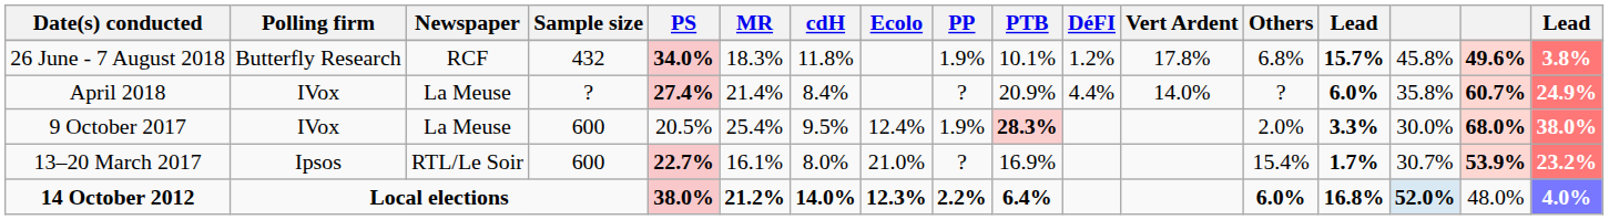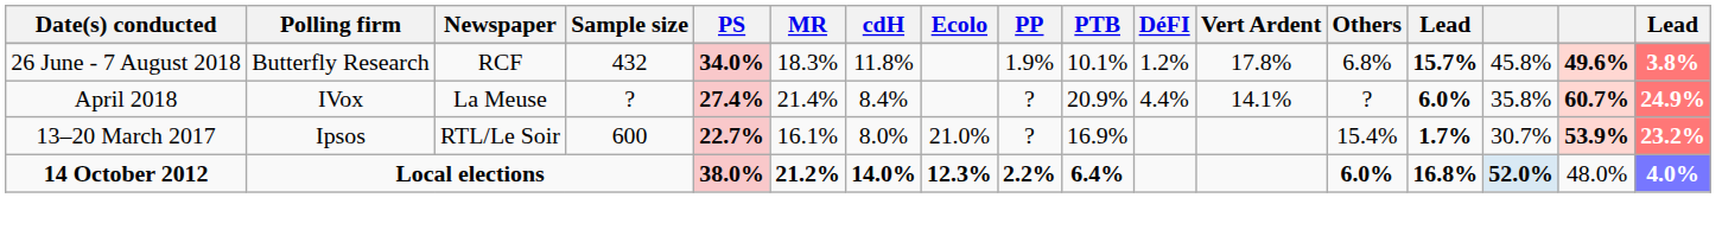 <table class="wikitable sortable" style="text-align:center; font-size:90%; line-height:16px;">
 <tr style="background-color:#E9E9E9">
 <th rowspan="1">Date(s) conducted</th>
 <th rowspan="1">Polling firm</th>
 <th rowspan="1">Newspaper</th>
 <th rowspan="1">Sample size</th>
 <th><a href='#'><span>PS</span></a></th>
 <th><a href='#'><span>MR</span></a></th>
 <th><a href='#'><span>cdH</span></a></th>
 <th><a href='#'><span>Ecolo</span></a></th>
 <th><a href='#'><span>PP</span></a></th>
 <th><a href='#'><span>PTB</span></a></th>
 <th><a href='#'><span>DéFI</span></a></th>
 <th rowspan="1">Vert Ardent</th>
 <th rowspan="1">Others</th>
 <th rowspan="1">Lead</th>
 <th></th>
 <th></th>
 <th rowspan="1">Lead</th>
 </tr>
 <tr style="background:#EFEFEF; font-weight:bold;">
 </tr>
 <tr>
 <td>26 June - 7 August 2018</td>
 <td>Butterfly Research</td>
 <td>RCF </td>
 <td>432</td>
 <td style="background:#F9C8CA"><strong>34.0%</strong></td>
 <td>18.3%</td>
 <td>11.8%</td>
 <td></td>
 <td>1.9%</td>
 <td>10.1%</td>
 <td>1.2%</td>
 <td>17.8%</td>
 <td>6.8%</td>
 <td style="background:"><strong>15.7%</strong></td>
 <td>45.8%</td>
 <td style="background:#FFD7D2"><strong>49.6%</strong></td>
 <td style="background:#FF7777;color:white;"><strong>3.8%</strong></td>
 </tr>
 <tr>
 <td>April 2018</td>
 <td>IVox</td>
 <td>La Meuse </td>
 <td>?</td>
 <td style="background:#F9C8CA"><strong>27.4%</strong></td>
 <td>21.4%</td>
 <td>8.4%</td>
 <td></td>
 <td>?</td>
 <td>20.9%</td>
 <td>4.4%</td>
-<td>14.0%</td>
+<td>14.1%</td>
 <td>?</td>
 <td style="background:"><strong>6.0%</strong></td>
 <td>35.8%</td>
 <td style="background:#FFD7D2"><strong>60.7%</strong></td>
 <td style="background:#FF7777;color:white;"><strong>24.9%</strong></td>
-</tr>
-<tr>
-<td>9 October 2017</td>
-<td>IVox</td>
-<td>La Meuse </td>
-<td>600</td>
-<td>20.5%</td>
-<td>25.4%</td>
-<td>9.5%</td>
-<td>12.4%</td>
-<td>1.9%</td>
-<td style="background:#FCCFCF"><strong>28.3%</strong></td>
-<td></td>
-<td></td>
-<td>2.0%</td>
-<td style="background:"><strong>3.3%</strong></td>
-<td>30.0%</td>
-<td style="background:#FFD7D2"><strong>68.0%</strong></td>
-<td style="background:#FF7777;color:white;"><strong>38.0%</strong></td>
 </tr>
 <tr>
 <td>13–20 March 2017</td>
 <td>Ipsos</td>
 <td>RTL/Le Soir </td>
 <td>600</td>
 <td style="background:#F9C8CA"><strong>22.7%</strong></td>
 <td>16.1%</td>
 <td>8.0%</td>
 <td>21.0%</td>
 <td>?</td>
 <td>16.9%</td>
 <td></td>
 <td></td>
 <td>15.4%</td>
 <td style="background:"><strong>1.7%</strong></td>
 <td>30.7%</td>
 <td style="background:#FFD7D2"><strong>53.9%</strong></td>
 <td style="background:#FF7777;color:white;"><strong>23.2%</strong></td>
 </tr>
 <tr>
 <td><strong>14 October 2012</strong></td>
 <td colspan="3"><strong>Local elections</strong></td>
 <td style="background:#F9C8CA"><strong>38.0%</strong></td>
 <td><strong>21.2%</strong></td>
 <td><strong>14.0%</strong></td>
 <td><strong>12.3%</strong></td>
 <td><strong>2.2%</strong></td>
 <td><strong>6.4%</strong></td>
 <td></td>
 <td></td>
 <td><strong>6.0%  </strong></td>
 <td style="background:"><strong>16.8%</strong></td>
 <td style="background:#D9E9F4"><strong>52.0%</strong></td>
 <td>48.0%</td>
 <td style="background:#7777FF;color:white;"><strong>4.0%</strong></td>
 </tr>
 </table>
